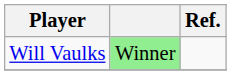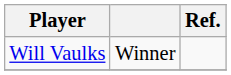 <table class="wikitable" style="text-align:left">
 <tr>
 <th>Player</th>
 <th></th>
 <th>Ref.</th>
 </tr>
 <tr>
 <td> <a href='#'>Will Vaulks</a></td>
-<td style="background: lightgreen;">Winner</td>
+<td>Winner</td>
 <td align="center"></td>
 </tr>
 <tr>
 </tr>
 </table>
